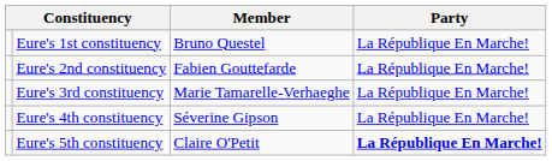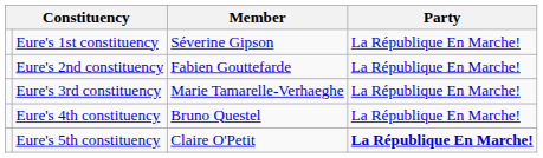 <table class="wikitable">
 <tr>
 <th colspan="2">Constituency</th>
 <th>Member</th>
 <th>Party</th>
 </tr>
 <tr>
 <td style="background-color: "></td>
 <td><a href='#'>Eure's 1st constituency</a></td>
-<td><a href='#'>Bruno Questel</a></td>
+<td><a href='#'>Séverine Gipson</a></td>
 <td><a href='#'>La République En Marche!</a></td>
 </tr>
 <tr>
 <td style="background-color: "></td>
 <td><a href='#'>Eure's 2nd constituency</a></td>
 <td><a href='#'>Fabien Gouttefarde</a></td>
 <td><a href='#'>La République En Marche!</a></td>
 </tr>
 <tr>
 <td style="background-color: "></td>
 <td><a href='#'>Eure's 3rd constituency</a></td>
 <td><a href='#'>Marie Tamarelle-Verhaeghe</a></td>
 <td><a href='#'>La République En Marche!</a></td>
 </tr>
 <tr>
 <td style="background-color: "></td>
 <td><a href='#'>Eure's 4th constituency</a></td>
-<td><a href='#'>Séverine Gipson</a></td>
+<td><a href='#'>Bruno Questel</a></td>
 <td><a href='#'>La République En Marche!</a></td>
 </tr>
 <tr>
 <td style="background-color: "></td>
 <td><a href='#'>Eure's 5th constituency</a></td>
 <td><a href='#'>Claire O'Petit</a></td>
 <td><strong><a href='#'>La République En Marche!</a></strong></td>
 </tr>
 </table>
